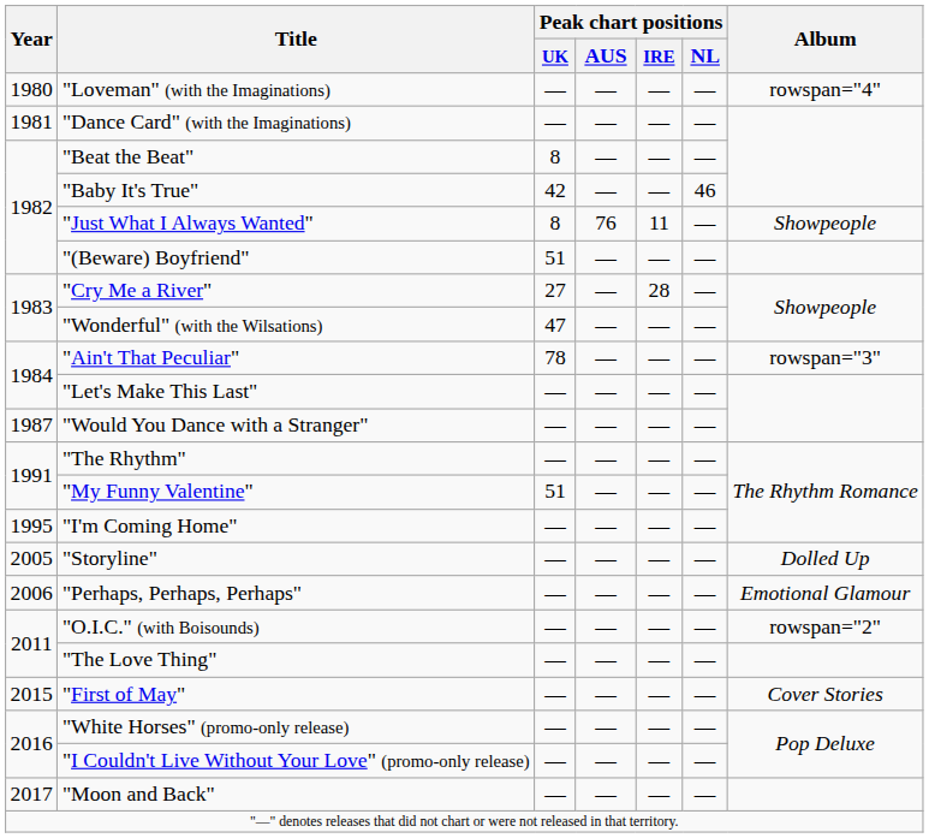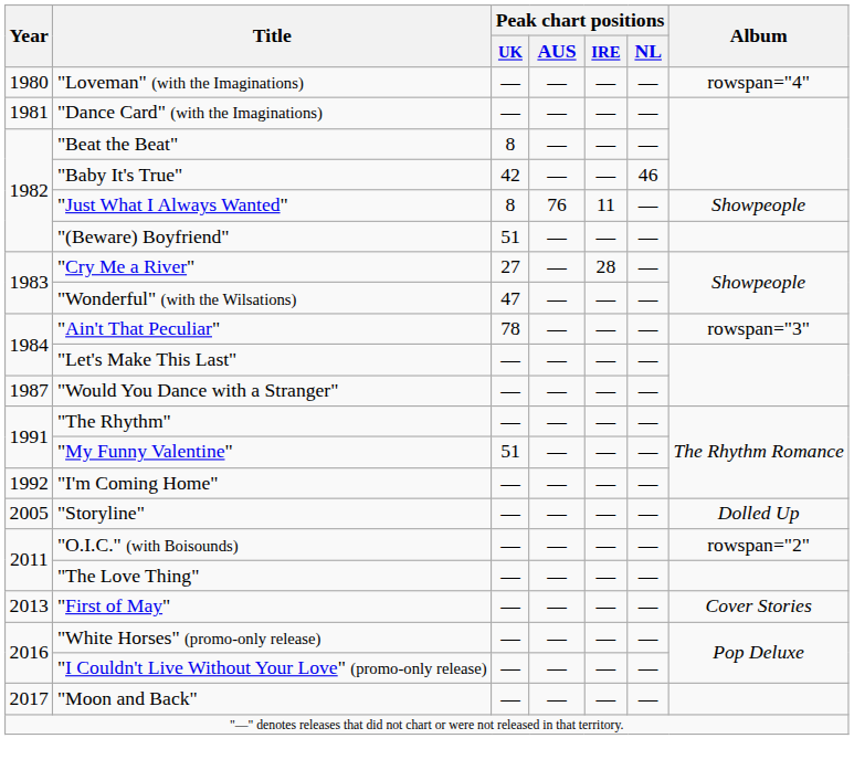 <table class="wikitable" style="text-align:center">
 <tr>
 <th rowspan="2">Year</th>
 <th rowspan="2">Title</th>
 <th colspan="4">Peak chart positions</th>
 <th rowspan="2">Album</th>
 </tr>
 <tr>
 <th><small><a href='#'>UK</a></small><br></th>
 <th><a href='#'>AUS</a><br></th>
 <th><small><a href='#'>IRE</a></small><br></th>
 <th><a href='#'>NL</a><br></th>
 </tr>
 <tr>
 <td>1980</td>
 <td align="left">"Loveman" <small>(with the Imaginations)</small></td>
 <td>—</td>
 <td>—</td>
 <td>—</td>
 <td>—</td>
 <td>rowspan="4" </td>
 </tr>
 <tr>
 <td>1981</td>
 <td align="left">"Dance Card" <small>(with the Imaginations)</small></td>
 <td>—</td>
 <td>—</td>
 <td>—</td>
 <td>—</td>
 </tr>
 <tr>
 <td rowspan="4">1982</td>
 <td align="left">"Beat the Beat"</td>
 <td>8</td>
 <td>—</td>
 <td>—</td>
 <td>—</td>
 </tr>
 <tr>
 <td align="left">"Baby It's True"</td>
 <td>42</td>
 <td>—</td>
 <td>—</td>
 <td>46</td>
 </tr>
 <tr>
 <td align="left">"<a href='#'>Just What I Always Wanted</a>"</td>
 <td>8</td>
 <td>76</td>
 <td>11</td>
 <td>—</td>
 <td><em>Showpeople</em></td>
 </tr>
 <tr>
 <td align="left">"(Beware) Boyfriend"</td>
 <td>51</td>
 <td>—</td>
 <td>—</td>
 <td>—</td>
 <td></td>
 </tr>
 <tr>
 <td rowspan="2">1983</td>
 <td align="left">"<a href='#'>Cry Me a River</a>"</td>
 <td>27</td>
 <td>—</td>
 <td>28</td>
 <td>—</td>
 <td rowspan="2"><em>Showpeople</em></td>
 </tr>
 <tr>
 <td align="left">"Wonderful" <small>(with the Wilsations)</small></td>
 <td>47</td>
 <td>—</td>
 <td>—</td>
 <td>—</td>
 </tr>
 <tr>
 <td rowspan="2">1984</td>
 <td align="left">"<a href='#'>Ain't That Peculiar</a>"</td>
 <td>78</td>
 <td>—</td>
 <td>—</td>
 <td>—</td>
 <td>rowspan="3" </td>
 </tr>
 <tr>
 <td align="left">"Let's Make This Last"</td>
 <td>—</td>
 <td>—</td>
 <td>—</td>
 <td>—</td>
 </tr>
 <tr>
 <td>1987</td>
 <td align="left">"Would You Dance with a Stranger"</td>
 <td>—</td>
 <td>—</td>
 <td>—</td>
 <td>—</td>
 </tr>
 <tr>
 <td rowspan="2">1991</td>
 <td align="left">"The Rhythm"</td>
 <td>—</td>
 <td>—</td>
 <td>—</td>
 <td>—</td>
 <td rowspan="3"><em>The Rhythm Romance</em></td>
 </tr>
 <tr>
 <td align="left">"<a href='#'>My Funny Valentine</a>"</td>
 <td>51</td>
 <td>—</td>
 <td>—</td>
 <td>—</td>
 </tr>
 <tr>
-<td>1995</td>
+<td>1992</td>
 <td align="left">"I'm Coming Home"</td>
 <td>—</td>
 <td>—</td>
 <td>—</td>
 <td>—</td>
 </tr>
 <tr>
 <td>2005</td>
 <td align="left">"Storyline"</td>
 <td>—</td>
 <td>—</td>
 <td>—</td>
 <td>—</td>
 <td><em>Dolled Up</em></td>
-</tr>
-<tr>
-<td>2006</td>
-<td align="left">"Perhaps, Perhaps, Perhaps"</td>
-<td>—</td>
-<td>—</td>
-<td>—</td>
-<td>—</td>
-<td><em>Emotional Glamour</em></td>
 </tr>
 <tr>
 <td rowspan="2">2011</td>
 <td align="left">"O.I.C." <small>(with Boisounds)</small></td>
 <td>—</td>
 <td>—</td>
 <td>—</td>
 <td>—</td>
 <td>rowspan="2" </td>
 </tr>
 <tr>
 <td align="left">"The Love Thing"</td>
 <td>—</td>
 <td>—</td>
 <td>—</td>
 <td>—</td>
 </tr>
 <tr>
-<td>2015</td>
+<td>2013</td>
 <td align="left">"<a href='#'>First of May</a>"</td>
 <td>—</td>
 <td>—</td>
 <td>—</td>
 <td>—</td>
 <td><em>Cover Stories</em></td>
 </tr>
 <tr>
 <td rowspan="2">2016</td>
 <td align="left">"White Horses" <small>(promo-only release)</small></td>
 <td>—</td>
 <td>—</td>
 <td>—</td>
 <td>—</td>
 <td rowspan="2"><em>Pop Deluxe</em></td>
 </tr>
 <tr>
 <td align="left">"<a href='#'>I Couldn't Live Without Your Love</a>" <small>(promo-only release)</small></td>
 <td>—</td>
 <td>—</td>
 <td>—</td>
 <td>—</td>
 </tr>
 <tr>
 <td>2017</td>
 <td align="left">"Moon and Back"</td>
 <td>—</td>
 <td>—</td>
 <td>—</td>
 <td>—</td>
 <td></td>
 </tr>
 <tr>
 <td colspan="7" style="font-size:8pt">"—" denotes releases that did not chart or were not released in that territory.</td>
 </tr>
 </table>
